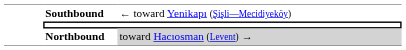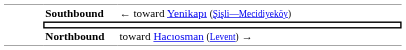 <table table border=0 cellspacing=0 cellpadding=3>
 <tr>
 <td style="border-top:solid 1px gray;border-bottom:solid 1px gray;" width=50 rowspan=3 valign=top></td>
 <td style="border-top:solid 1px gray;" width=100><strong>Southbound</strong></td>
 <td style="border-top:solid 1px gray;" width=400>←  toward <a href='#'>Yenikapı</a> <small>(<a href='#'>Şişli—Mecidiyeköy</a>)</small></td>
 </tr>
 <tr>
 <td style="border-top:solid 2px black;border-right:solid 2px black;border-left:solid 2px black;border-bottom:solid 2px black;text-align:center;" colspan=2></td>
 </tr>
 <tr>
 <td style="border-bottom:solid 1px gray;"><strong>Northbound</strong></td>
-<td style="background: lightgrey; border-bottom:solid 1px gray;"> toward <a href='#'>Hacıosman</a> <small>(<a href='#'>Levent</a>)</small> →</td>
+<td style="border-bottom:solid 1px gray;"> toward <a href='#'>Hacıosman</a> <small>(<a href='#'>Levent</a>)</small> →</td>
 </tr>
 </table>
